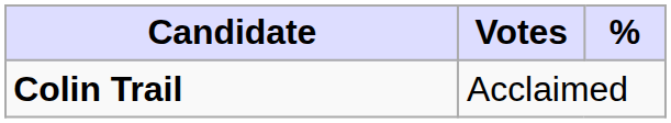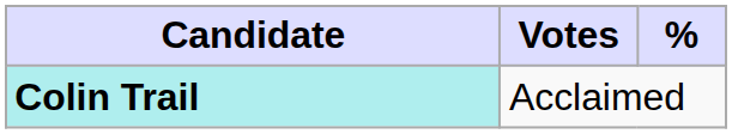 <table class="wikitable">
 <tr>
 <th style="background:#ddf; width:200px;">Candidate</th>
 <th style="background:#ddf; width:50px;">Votes</th>
 <th style="background:#ddf; width:30px;">%</th>
 </tr>
 <tr>
-<td><strong>Colin Trail</strong></td>
+<td style="background: paleturquoise;"><strong>Colin Trail</strong></td>
 <td colspan="2">Acclaimed</td>
 </tr>
 </table>
